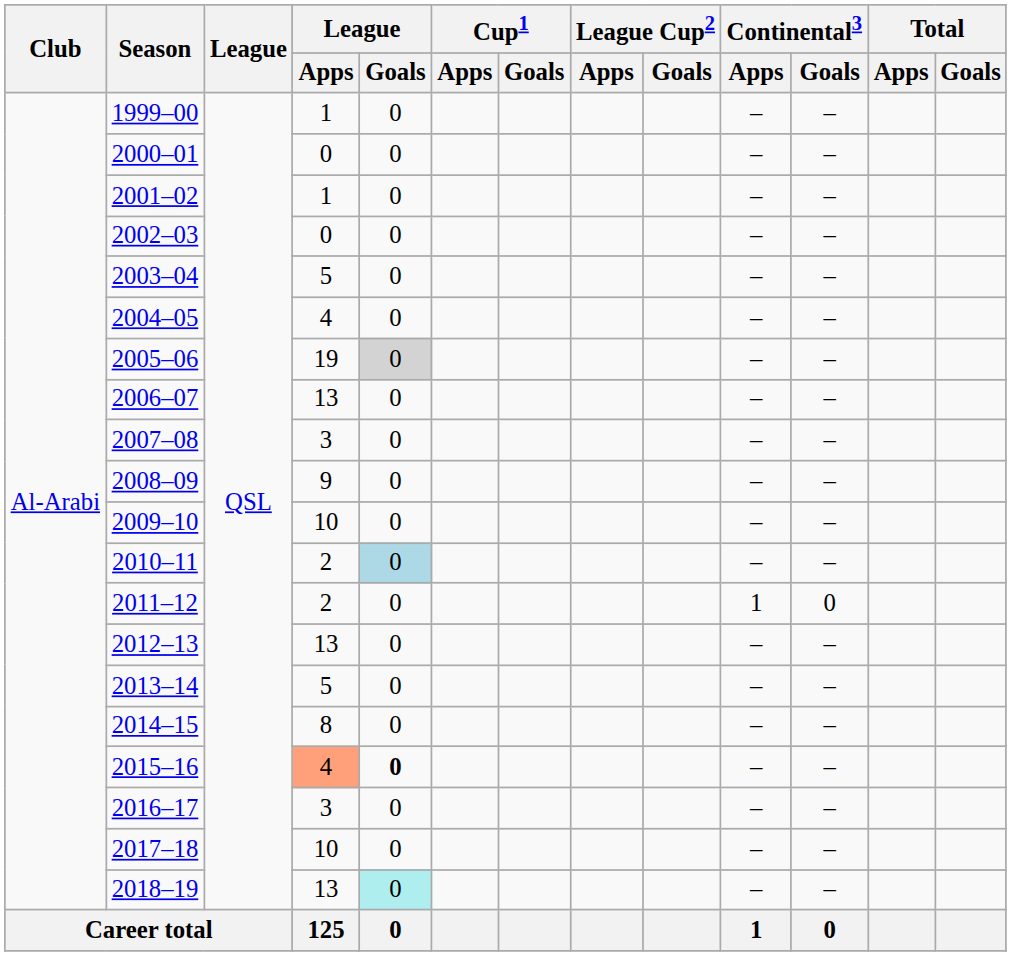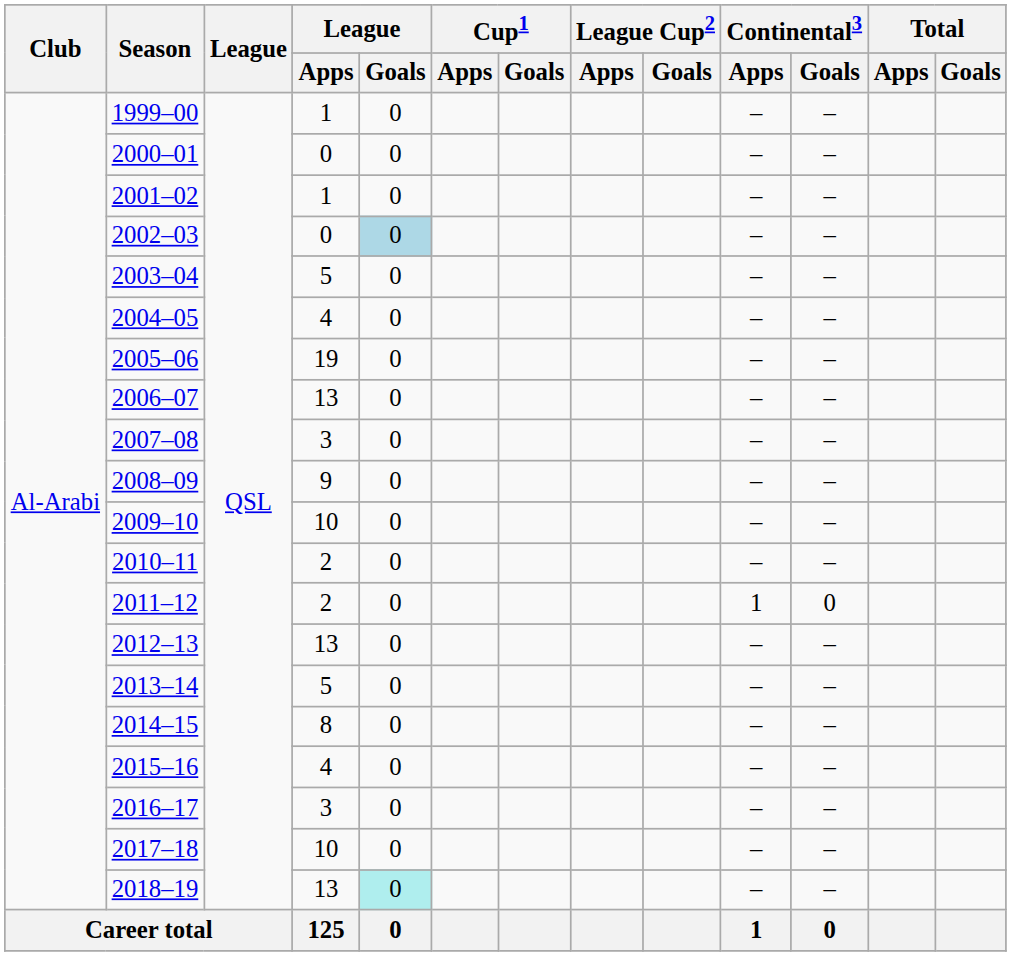 <table class="wikitable" style="font-size:90%; text-align:center;">
 <tr>
 <th rowspan="2">Club</th>
 <th rowspan="2">Season</th>
 <th rowspan="2">League</th>
 <th colspan="2">League</th>
 <th colspan="2">Cup<sup><a href='#'>1</a></sup></th>
 <th colspan="2">League Cup<sup><a href='#'>2</a></sup></th>
 <th colspan="2">Continental<sup><a href='#'>3</a></sup></th>
 <th colspan="2">Total</th>
 </tr>
 <tr>
 <th>Apps</th>
 <th>Goals</th>
 <th>Apps</th>
 <th>Goals</th>
 <th>Apps</th>
 <th>Goals</th>
 <th>Apps</th>
 <th>Goals</th>
 <th>Apps</th>
 <th>Goals</th>
 </tr>
 <tr>
 <td rowspan="20"><a href='#'>Al-Arabi</a></td>
 <td><a href='#'>1999–00</a></td>
 <td rowspan="20" valign="center"><a href='#'>QSL</a></td>
 <td>1</td>
 <td>0</td>
 <td></td>
 <td></td>
 <td></td>
 <td></td>
 <td>–</td>
 <td>–</td>
 <td></td>
 <td></td>
 </tr>
 <tr>
 <td><a href='#'>2000–01</a></td>
 <td>0</td>
 <td>0</td>
 <td></td>
 <td></td>
 <td></td>
 <td></td>
 <td>–</td>
 <td>–</td>
 <td></td>
 <td></td>
 </tr>
 <tr>
 <td><a href='#'>2001–02</a></td>
 <td>1</td>
 <td>0</td>
 <td></td>
 <td></td>
 <td></td>
 <td></td>
 <td>–</td>
 <td>–</td>
 <td></td>
 <td></td>
 </tr>
 <tr>
 <td><a href='#'>2002–03</a></td>
 <td>0</td>
-<td>0</td>
+<td style="background: lightblue;">0</td>
 <td></td>
 <td></td>
 <td></td>
 <td></td>
 <td>–</td>
 <td>–</td>
 <td></td>
 <td></td>
 </tr>
 <tr>
 <td><a href='#'>2003–04</a></td>
 <td>5</td>
 <td>0</td>
 <td></td>
 <td></td>
 <td></td>
 <td></td>
 <td>–</td>
 <td>–</td>
 <td></td>
 <td></td>
 </tr>
 <tr>
 <td><a href='#'>2004–05</a></td>
 <td>4</td>
 <td>0</td>
 <td></td>
 <td></td>
 <td></td>
 <td></td>
 <td>–</td>
 <td>–</td>
 <td></td>
 <td></td>
 </tr>
 <tr>
 <td><a href='#'>2005–06</a></td>
 <td>19</td>
-<td style="background: lightgrey;">0</td>
+<td>0</td>
 <td></td>
 <td></td>
 <td></td>
 <td></td>
 <td>–</td>
 <td>–</td>
 <td></td>
 <td></td>
 </tr>
 <tr>
 <td><a href='#'>2006–07</a></td>
 <td>13</td>
 <td>0</td>
 <td></td>
 <td></td>
 <td></td>
 <td></td>
 <td>–</td>
 <td>–</td>
 <td></td>
 <td></td>
 </tr>
 <tr>
 <td><a href='#'>2007–08</a></td>
 <td>3</td>
 <td>0</td>
 <td></td>
 <td></td>
 <td></td>
 <td></td>
 <td>–</td>
 <td>–</td>
 <td></td>
 <td></td>
 </tr>
 <tr>
 <td><a href='#'>2008–09</a></td>
 <td>9</td>
 <td>0</td>
 <td></td>
 <td></td>
 <td></td>
 <td></td>
 <td>–</td>
 <td>–</td>
 <td></td>
 <td></td>
 </tr>
 <tr>
 <td><a href='#'>2009–10</a></td>
 <td>10</td>
 <td>0</td>
 <td></td>
 <td></td>
 <td></td>
 <td></td>
 <td>–</td>
 <td>–</td>
 <td></td>
 <td></td>
 </tr>
 <tr>
 <td><a href='#'>2010–11</a></td>
 <td>2</td>
-<td style="background: lightblue;">0</td>
+<td>0</td>
 <td></td>
 <td></td>
 <td></td>
 <td></td>
 <td>–</td>
 <td>–</td>
 <td></td>
 <td></td>
 </tr>
 <tr>
 <td><a href='#'>2011–12</a></td>
 <td>2</td>
 <td>0</td>
 <td></td>
 <td></td>
 <td></td>
 <td></td>
 <td>1</td>
 <td>0</td>
 <td></td>
 <td></td>
 </tr>
 <tr>
 <td><a href='#'>2012–13</a></td>
 <td>13</td>
 <td>0</td>
 <td></td>
 <td></td>
 <td></td>
 <td></td>
 <td>–</td>
 <td>–</td>
 <td></td>
 <td></td>
 </tr>
 <tr>
 <td><a href='#'>2013–14</a></td>
 <td>5</td>
 <td>0</td>
 <td></td>
 <td></td>
 <td></td>
 <td></td>
 <td>–</td>
 <td>–</td>
 <td></td>
 <td></td>
 </tr>
 <tr>
 <td><a href='#'>2014–15</a></td>
 <td>8</td>
 <td>0</td>
 <td></td>
 <td></td>
 <td></td>
 <td></td>
 <td>–</td>
 <td>–</td>
 <td></td>
 <td></td>
 </tr>
 <tr>
 <td><a href='#'>2015–16</a></td>
-<td style="background: lightsalmon;">4</td>
-<td><strong>0</strong></td>
+<td>4</td>
+<td>0</td>
 <td></td>
 <td></td>
 <td></td>
 <td></td>
 <td>–</td>
 <td>–</td>
 <td></td>
 <td></td>
 </tr>
 <tr>
 <td><a href='#'>2016–17</a></td>
 <td>3</td>
 <td>0</td>
 <td></td>
 <td></td>
 <td></td>
 <td></td>
 <td>–</td>
 <td>–</td>
 <td></td>
 <td></td>
 </tr>
 <tr>
 <td><a href='#'>2017–18</a></td>
 <td>10</td>
 <td>0</td>
 <td></td>
 <td></td>
 <td></td>
 <td></td>
 <td>–</td>
 <td>–</td>
 <td></td>
 <td></td>
 </tr>
 <tr>
 <td><a href='#'>2018–19</a></td>
 <td>13</td>
 <td style="background: paleturquoise;">0</td>
 <td></td>
 <td></td>
 <td></td>
 <td></td>
 <td>–</td>
 <td>–</td>
 <td></td>
 <td></td>
 </tr>
 <tr>
 <th colspan="3">Career total</th>
 <th>125</th>
 <th>0</th>
 <th></th>
 <th></th>
 <th></th>
 <th></th>
 <th>1</th>
 <th>0</th>
 <th></th>
 <th></th>
 </tr>
 </table>
